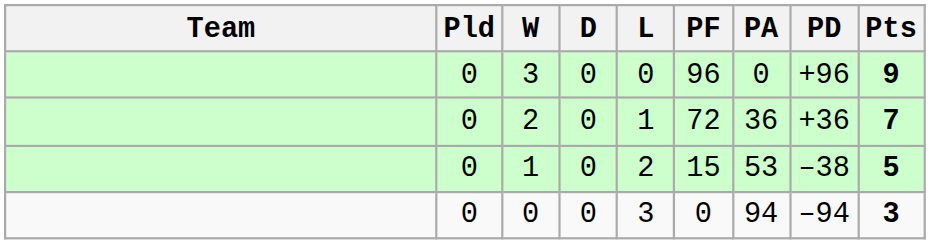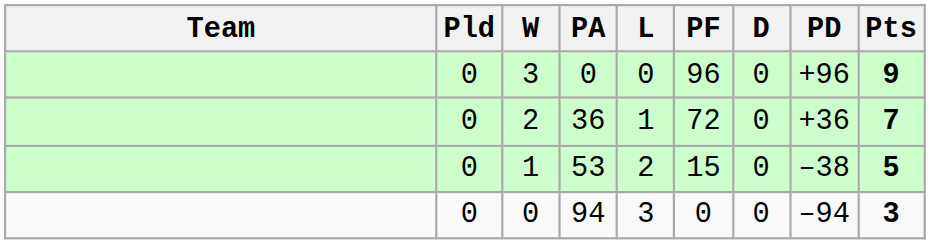 <table class="wikitable" style="text-align:center;">
 <tr>
 <th width=190>Team</th>
 <th width=20 abbr="Played">Pld</th>
 <th width=20 abbr="Won">W</th>
-<th width=20 abbr="Drawn">D</th>
+<th width=20 abbr="Points against">PA</th>
 <th width=20 abbr="Lost">L</th>
 <th width=20 abbr="Points for">PF</th>
-<th width=20 abbr="Points against">PA</th>
+<th width=20 abbr="Drawn">D</th>
 <th width=25 abbr="Points difference">PD</th>
 <th width=20 abbr="Points">Pts</th>
 </tr>
 <tr style="background:#ccffcc">
 <td align=left></td>
 <td>0</td>
 <td>3</td>
 <td>0</td>
 <td>0</td>
 <td>96</td>
 <td>0</td>
 <td>+96</td>
 <td><strong>9</strong></td>
 </tr>
 <tr style="background:#ccffcc">
 <td align=left></td>
 <td>0</td>
 <td>2</td>
-<td>0</td>
+<td>36</td>
 <td>1</td>
 <td>72</td>
-<td>36</td>
+<td>0</td>
 <td>+36</td>
 <td><strong>7</strong></td>
 </tr>
 <tr style="background:#ccffcc">
 <td align=left></td>
 <td>0</td>
 <td>1</td>
-<td>0</td>
+<td>53</td>
 <td>2</td>
 <td>15</td>
-<td>53</td>
+<td>0</td>
 <td>–38</td>
 <td><strong>5</strong></td>
 </tr>
 <tr>
 <td align=left></td>
 <td>0</td>
 <td>0</td>
-<td>0</td>
+<td>94</td>
 <td>3</td>
 <td>0</td>
-<td>94</td>
+<td>0</td>
 <td>–94</td>
 <td><strong>3</strong></td>
 </tr>
 </table>
